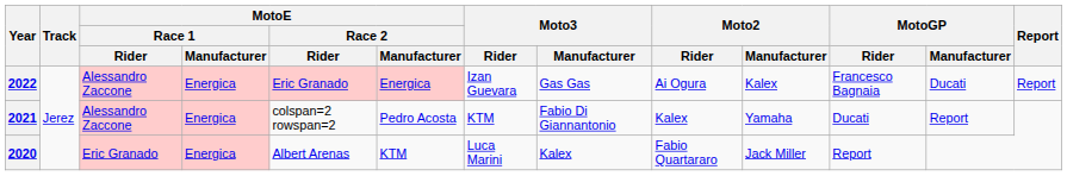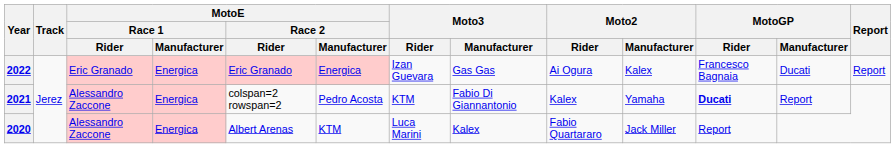 <table class="wikitable" style="font-size: 95%;">
 <tr>
 <th rowspan="3">Year</th>
 <th rowspan="3">Track</th>
 <th colspan="4">MotoE</th>
 <th colspan="2" rowspan="2">Moto3</th>
 <th colspan="2" rowspan="2">Moto2</th>
 <th colspan="2" rowspan="2">MotoGP</th>
 <th rowspan="3">Report</th>
 </tr>
 <tr>
 <th colspan="2">Race 1</th>
 <th colspan="2">Race 2</th>
 </tr>
 <tr>
 <th>Rider</th>
 <th>Manufacturer</th>
 <th>Rider</th>
 <th>Manufacturer</th>
 <th>Rider</th>
 <th>Manufacturer</th>
 <th>Rider</th>
 <th>Manufacturer</th>
 <th>Rider</th>
 <th>Manufacturer</th>
 </tr>
 <tr>
 <th><a href='#'>2022</a></th>
 <td rowspan=3><a href='#'>Jerez</a></td>
-<td style="background:#FFCCCC;"> <a href='#'>Alessandro Zaccone</a></td>
+<td style="background:#FFCCCC;"> <a href='#'>Eric Granado</a></td>
 <td style="background:#FFCCCC;"><a href='#'>Energica</a></td>
 <td style="background:#FFCCCC;"> <a href='#'>Eric Granado</a></td>
 <td style="background:#FFCCCC;"><a href='#'>Energica</a></td>
 <td> <a href='#'>Izan Guevara</a></td>
 <td><a href='#'>Gas Gas</a></td>
 <td> <a href='#'>Ai Ogura</a></td>
 <td><a href='#'>Kalex</a></td>
 <td> <a href='#'>Francesco Bagnaia</a></td>
 <td><a href='#'>Ducati</a></td>
 <td><a href='#'>Report</a></td>
 </tr>
 <tr>
 <th><a href='#'>2021</a></th>
 <td style="background:#FFCCCC;"> <a href='#'>Alessandro Zaccone</a></td>
 <td style="background:#FFCCCC;"><a href='#'>Energica</a></td>
 <td>colspan=2 rowspan=2</td>
 <td> <a href='#'>Pedro Acosta</a></td>
 <td><a href='#'>KTM</a></td>
 <td> <a href='#'>Fabio Di Giannantonio</a></td>
 <td><a href='#'>Kalex</a></td>
 <td><a href='#'>Yamaha</a></td>
-<td><a href='#'>Ducati</a></td>
+<td><strong><a href='#'>Ducati</a></strong></td>
 <td><a href='#'>Report</a></td>
 </tr>
 <tr>
 <th><a href='#'>2020</a></th>
-<td style="background:#FFCCCC;"> <a href='#'>Eric Granado</a></td>
+<td style="background:#FFCCCC;"> <a href='#'>Alessandro Zaccone</a></td>
 <td style="background:#FFCCCC;"><a href='#'>Energica</a></td>
 <td> <a href='#'>Albert Arenas</a></td>
 <td><a href='#'>KTM</a></td>
 <td> <a href='#'>Luca Marini</a></td>
 <td><a href='#'>Kalex</a></td>
 <td> <a href='#'>Fabio Quartararo</a></td>
 <td> <a href='#'>Jack Miller</a></td>
 <td><a href='#'>Report</a></td>
 </tr>
 </table>
